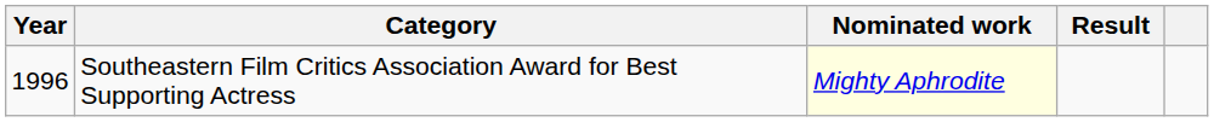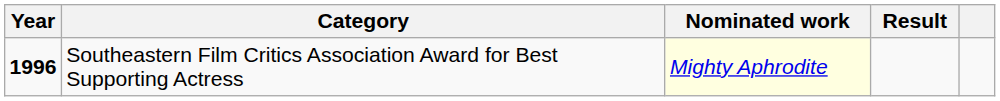 <table class="wikitable">
 <tr>
 <th>Year</th>
 <th width="450">Category</th>
 <th width="148">Nominated work</th>
 <th width="60">Result</th>
 <th width="20" class="unsortable"></th>
 </tr>
 <tr>
-<td>1996</td>
+<td><strong>1996</strong></td>
 <td>Southeastern Film Critics Association Award for Best Supporting Actress</td>
 <td style="background: lightyellow;"><em><a href='#'>Mighty Aphrodite</a></em></td>
 <td></td>
 <td></td>
 </tr>
 </table>
